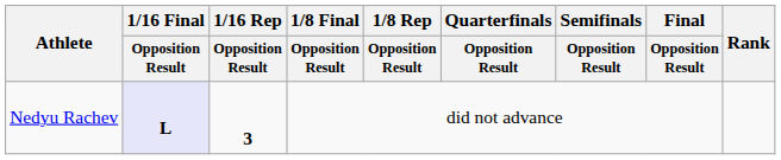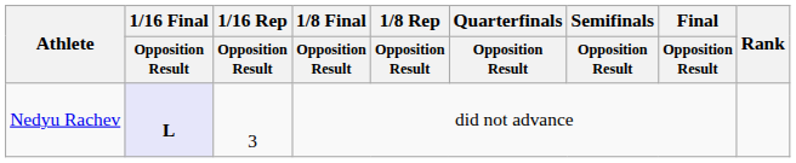 <table class="wikitable" border="1" style="font-size:90%; text-align: center">
 <tr>
 <th rowspan=2>Athlete</th>
 <th>1/16 Final</th>
 <th>1/16 Rep</th>
 <th>1/8 Final</th>
 <th>1/8 Rep</th>
 <th>Quarterfinals</th>
 <th>Semifinals</th>
 <th>Final</th>
 <th rowspan=2>Rank</th>
 </tr>
 <tr style="font-size:95%">
 <th style="line-height:1em"><small>Opposition<br>Result</small></th>
 <th style="line-height:1em"><small>Opposition<br>Result</small></th>
 <th style="line-height:1em"><small>Opposition<br>Result</small></th>
 <th style="line-height:1em"><small>Opposition<br>Result</small></th>
 <th style="line-height:1em"><small>Opposition<br>Result</small></th>
 <th style="line-height:1em"><small>Opposition<br>Result</small></th>
 <th style="line-height:1em"><small>Opposition<br>Result</small></th>
 </tr>
 <tr align=center>
 <td align=left><a href='#'>Nedyu Rachev</a></td>
 <td style="background: lavender;"><br><strong>L</strong></td>
-<td><strong><br><br>3</strong></td>
+<td><br><br>3</td>
 <td colspan=5>did not advance</td>
 <td></td>
 </tr>
 </table>
